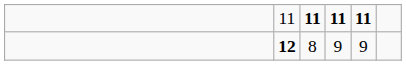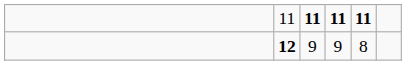 <table class="wikitable">
 <tr>
 <td style="width:15em"></td>
 <td align=center style="width:1em">11</td>
 <td align=center style="width:1em"><strong>11</strong></td>
 <td align=center style="width:1em"><strong>11</strong></td>
 <td align=center style="width:1em"><strong>11</strong></td>
 <td align=center style="width:1em"></td>
 </tr>
 <tr>
 <td style="width:15em"></td>
 <td align=center style="width:1em"><strong>12</strong></td>
-<td align=center style="width:1em">8</td>
 <td align=center style="width:1em">9</td>
 <td align=center style="width:1em">9</td>
+<td align=center style="width:1em">8</td>
 <td align=center style="width:1em"></td>
 </tr>
 </table>
